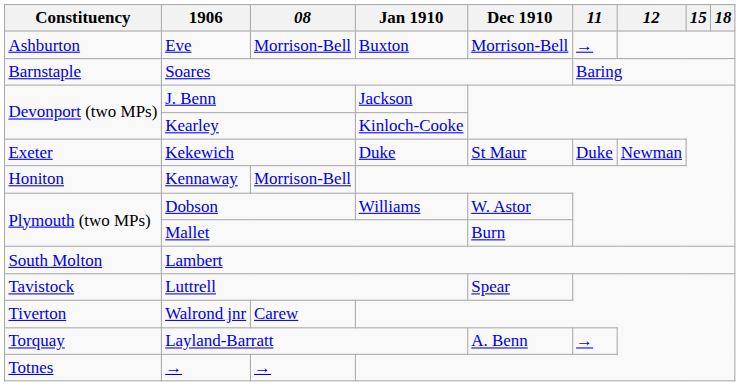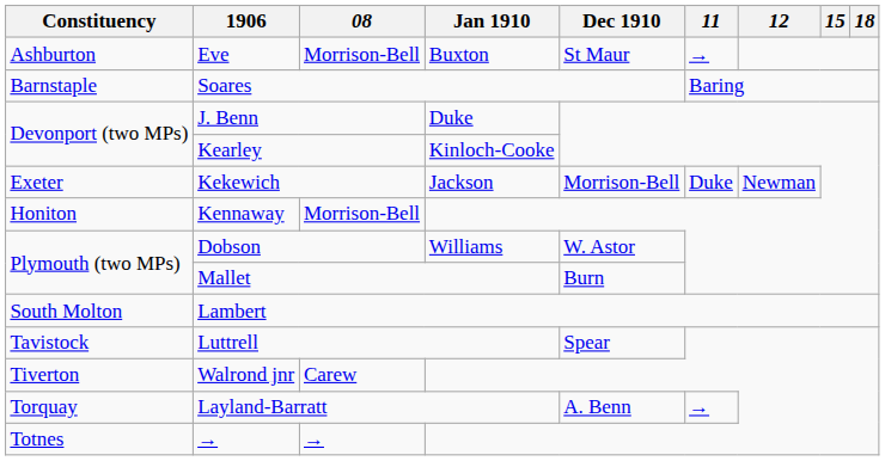 <table class="wikitable">
 <tr>
 <th>Constituency</th>
 <th>1906</th>
 <th><em>08</em></th>
 <th>Jan 1910</th>
 <th>Dec 1910</th>
 <th><em>11</em></th>
 <th><em>12</em></th>
 <th><em>15</em></th>
 <th><em>18</em></th>
 </tr>
 <tr>
 <td><a href='#'>Ashburton</a></td>
 <td><a href='#'>Eve</a></td>
 <td><a href='#'>Morrison-Bell</a></td>
 <td><a href='#'>Buxton</a></td>
-<td><a href='#'>Morrison-Bell</a></td>
+<td><a href='#'>St Maur</a></td>
 <td><a href='#'>→</a></td>
 </tr>
 <tr>
 <td><a href='#'>Barnstaple</a></td>
 <td colspan="4"><a href='#'>Soares</a></td>
 <td colspan="4"><a href='#'>Baring</a></td>
 </tr>
 <tr>
 <td rowspan="2"><a href='#'>Devonport</a> (two MPs)</td>
 <td colspan="2"><a href='#'>J. Benn</a></td>
-<td><a href='#'>Jackson</a></td>
+<td><a href='#'>Duke</a></td>
 </tr>
 <tr>
 <td colspan="2"><a href='#'>Kearley</a></td>
 <td><a href='#'>Kinloch-Cooke</a></td>
 </tr>
 <tr>
 <td><a href='#'>Exeter</a></td>
 <td colspan="2"><a href='#'>Kekewich</a></td>
-<td><a href='#'>Duke</a></td>
-<td><a href='#'>St Maur</a></td>
+<td><a href='#'>Jackson</a></td>
+<td><a href='#'>Morrison-Bell</a></td>
 <td><a href='#'>Duke</a></td>
 <td><a href='#'>Newman</a></td>
 </tr>
 <tr>
 <td><a href='#'>Honiton</a></td>
 <td><a href='#'>Kennaway</a></td>
 <td><a href='#'>Morrison-Bell</a></td>
 </tr>
 <tr>
 <td rowspan="2"><a href='#'>Plymouth</a> (two MPs)</td>
 <td colspan="2"><a href='#'>Dobson</a></td>
 <td><a href='#'>Williams</a></td>
 <td><a href='#'>W. Astor</a></td>
 </tr>
 <tr>
 <td colspan="3"><a href='#'>Mallet</a></td>
 <td><a href='#'>Burn</a></td>
 </tr>
 <tr>
 <td><a href='#'>South Molton</a></td>
 <td colspan="8"><a href='#'>Lambert</a></td>
 </tr>
 <tr>
 <td><a href='#'>Tavistock</a></td>
 <td colspan="3"><a href='#'>Luttrell</a></td>
 <td><a href='#'>Spear</a></td>
 </tr>
 <tr>
 <td><a href='#'>Tiverton</a></td>
 <td><a href='#'>Walrond jnr</a></td>
 <td><a href='#'>Carew</a></td>
 </tr>
 <tr>
 <td><a href='#'>Torquay</a></td>
 <td colspan="3"><a href='#'>Layland-Barratt</a></td>
 <td><a href='#'>A. Benn</a></td>
 <td><a href='#'>→</a></td>
 </tr>
 <tr>
 <td><a href='#'>Totnes</a></td>
 <td><a href='#'>→</a></td>
 <td><a href='#'>→</a></td>
 </tr>
 </table>
